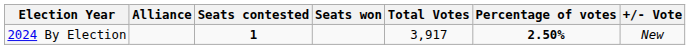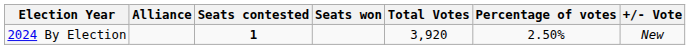 <table class="wikitable" style="text-align:center">
 <tr>
 <th Style="background-color:">Election Year</th>
 <th Style="background-color:">Alliance</th>
 <th Style="background-color:">Seats contested</th>
 <th Style="background-color:">Seats won</th>
 <th Style="background-color:">Total Votes</th>
 <th Style="background-color:">Percentage of votes</th>
 <th Style="background-color:">+/- Vote</th>
 </tr>
 <tr>
 <td><a href='#'>2024</a> By Election</td>
 <td></td>
 <td><strong>1</strong></td>
 <td></td>
-<td>3,917</td>
-<td><strong>2.50%</strong></td>
+<td>3,920</td>
+<td>2.50%</td>
 <td><em>New</em></td>
 </tr>
 </table>
